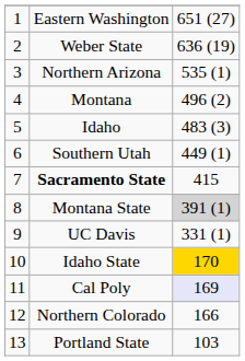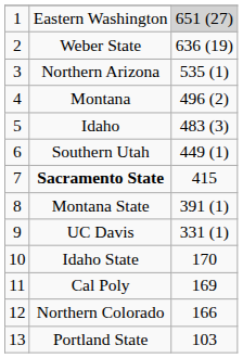 <table class="wikitable" style="display: inline-table;">
 <tr align="center">
 </tr>
 <tr align="center">
 <td>1</td>
 <td>Eastern Washington</td>
-<td>651 (27)</td>
+<td style="background: lightgrey;">651 (27)</td>
 </tr>
 <tr align="center">
 <td>2</td>
 <td>Weber State</td>
 <td>636 (19)</td>
 </tr>
 <tr align="center">
 <td>3</td>
 <td>Northern Arizona</td>
 <td>535 (1)</td>
 </tr>
 <tr align="center">
 <td>4</td>
 <td>Montana</td>
 <td>496 (2)</td>
 </tr>
 <tr align="center">
 <td>5</td>
 <td>Idaho</td>
 <td>483 (3)</td>
 </tr>
 <tr align="center">
 <td>6</td>
 <td>Southern Utah</td>
 <td>449 (1)</td>
 </tr>
 <tr align="center">
 <td>7</td>
 <td><strong>Sacramento State</strong></td>
 <td>415</td>
 </tr>
 <tr align="center">
 <td>8</td>
 <td>Montana State</td>
-<td style="background: lightgrey;">391 (1)</td>
+<td>391 (1)</td>
 </tr>
 <tr align="center">
 <td>9</td>
 <td>UC Davis</td>
 <td>331 (1)</td>
 </tr>
 <tr align="center">
 <td>10</td>
 <td>Idaho State</td>
-<td style="background: gold;">170</td>
+<td>170</td>
 </tr>
 <tr align="center">
 <td>11</td>
 <td>Cal Poly</td>
-<td style="background: lavender;">169</td>
+<td>169</td>
 </tr>
 <tr align="center">
 <td>12</td>
 <td>Northern Colorado</td>
 <td>166</td>
 </tr>
 <tr align="center">
 <td>13</td>
 <td>Portland State</td>
 <td>103</td>
 </tr>
 </table>
